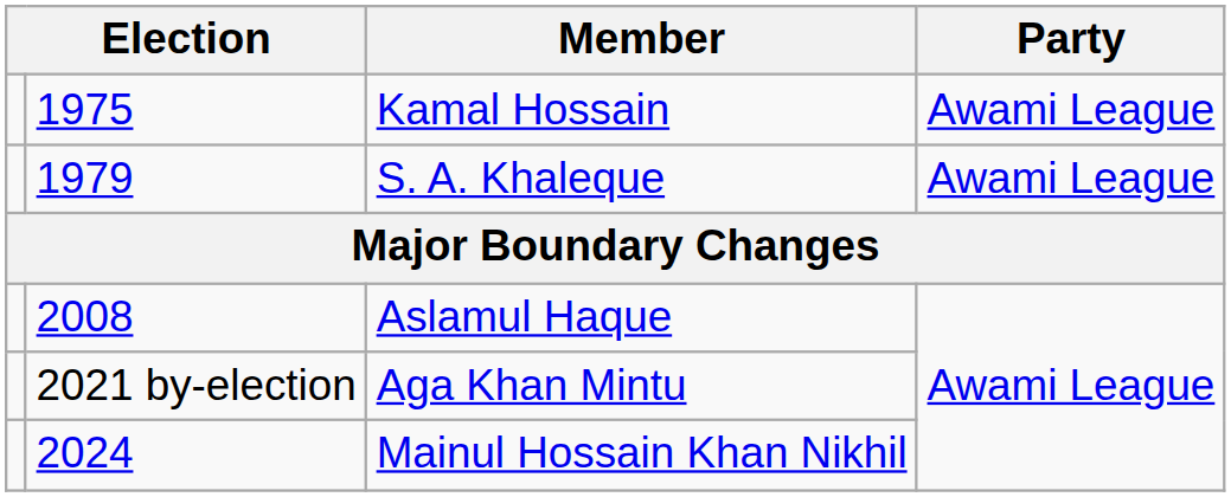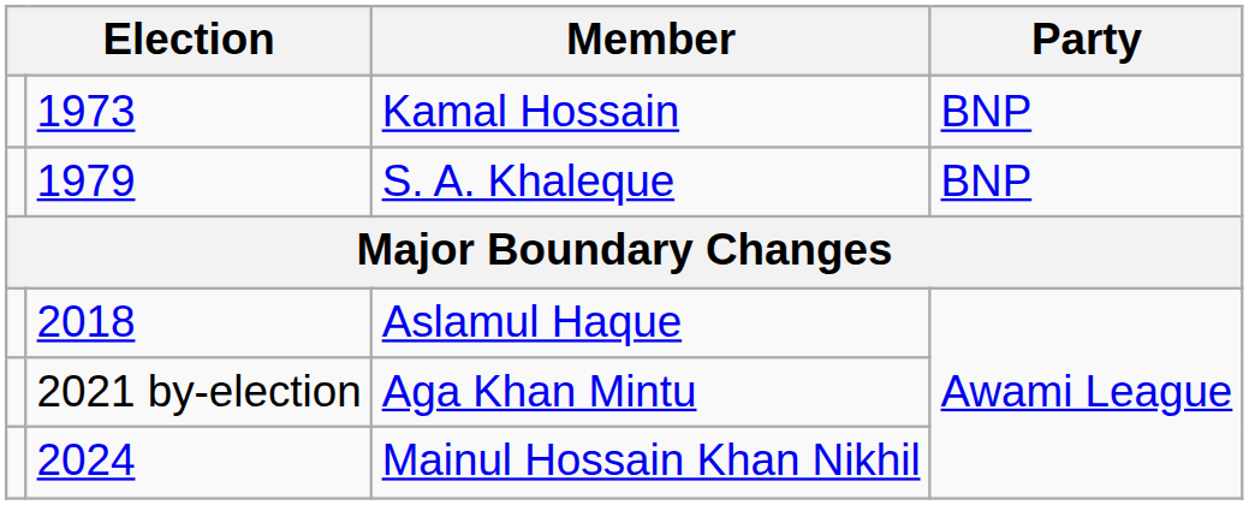 <table class="wikitable">
 <tr>
 <th colspan="2">Election</th>
 <th>Member</th>
 <th>Party</th>
 </tr>
 <tr>
 <td style="background-color:"></td>
-<td><a href='#'>1975</a></td>
+<td><a href='#'>1973</a></td>
 <td><a href='#'>Kamal Hossain</a></td>
-<td><a href='#'>Awami League</a></td>
+<td><a href='#'>BNP</a></td>
 </tr>
 <tr>
 <td style="background-color:"></td>
 <td><a href='#'>1979</a></td>
 <td><a href='#'>S. A. Khaleque</a></td>
-<td><a href='#'>Awami League</a></td>
+<td><a href='#'>BNP</a></td>
 </tr>
 <tr>
 <th colspan="4">Major Boundary Changes</th>
 </tr>
 <tr>
 <td style="background-color:"></td>
-<td><a href='#'>2008</a></td>
+<td><a href='#'>2018</a></td>
 <td><a href='#'>Aslamul Haque</a></td>
 <td rowspan="3"><a href='#'>Awami League</a></td>
 </tr>
 <tr>
 <td style="background-color:"></td>
 <td>2021 by-election</td>
 <td><a href='#'>Aga Khan Mintu</a></td>
 </tr>
 <tr>
 <td style="background-color:"></td>
 <td><a href='#'>2024</a></td>
 <td><a href='#'>Mainul Hossain Khan Nikhil</a></td>
 </tr>
 </table>
